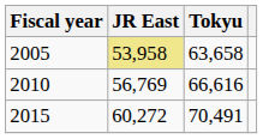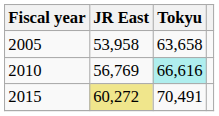 <table class="wikitable">
 <tr>
 <th>Fiscal year</th>
 <th>JR East</th>
 <th>Tokyu</th>
 <th></th>
 </tr>
 <tr>
 <td>2005</td>
-<td style="background: khaki;">53,958</td>
+<td>53,958</td>
 <td>63,658</td>
 <td></td>
 </tr>
 <tr>
 <td>2010</td>
 <td>56,769</td>
-<td>66,616</td>
+<td style="background: paleturquoise;">66,616</td>
 <td></td>
 </tr>
 <tr>
 <td>2015</td>
-<td>60,272</td>
+<td style="background: khaki;">60,272</td>
 <td>70,491</td>
 <td></td>
 </tr>
 <tr>
 </tr>
 </table>
